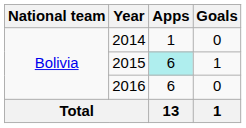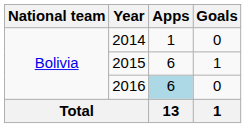 <table class="wikitable" style="text-align:center;">
 <tr>
 <th>National team</th>
 <th>Year</th>
 <th>Apps</th>
 <th>Goals</th>
 </tr>
 <tr>
 <td rowspan="3"><a href='#'>Bolivia</a></td>
 <td>2014</td>
 <td>1</td>
 <td>0</td>
 </tr>
 <tr>
 <td>2015</td>
-<td style="background: paleturquoise;">6</td>
+<td>6</td>
 <td>1</td>
 </tr>
 <tr>
 <td>2016</td>
-<td>6</td>
+<td style="background: lightblue;">6</td>
 <td>0</td>
 </tr>
 <tr>
 <th colspan=2>Total</th>
 <th>13</th>
 <th>1</th>
 </tr>
 </table>
